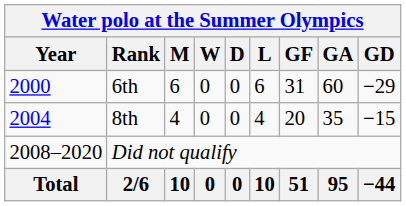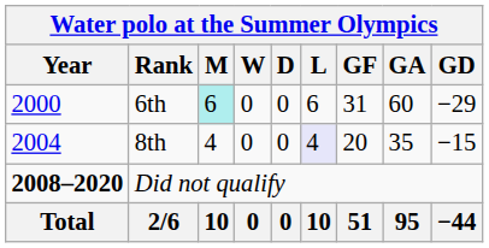 <table class="wikitable">
 <tr>
 <th colspan=10><a href='#'>Water polo at the Summer Olympics</a></th>
 </tr>
 <tr>
 <th>Year</th>
 <th>Rank</th>
 <th>M</th>
 <th>W</th>
 <th>D</th>
 <th>L</th>
 <th>GF</th>
 <th>GA</th>
 <th>GD</th>
 </tr>
 <tr>
 <td><a href='#'>2000</a></td>
 <td>6th</td>
-<td>6</td>
+<td style="background: paleturquoise;">6</td>
 <td>0</td>
 <td>0</td>
 <td>6</td>
 <td>31</td>
 <td>60</td>
 <td>−29</td>
 </tr>
 <tr>
 <td><a href='#'>2004</a></td>
 <td>8th</td>
 <td>4</td>
 <td>0</td>
 <td>0</td>
-<td>4</td>
+<td style="background: lavender;">4</td>
 <td>20</td>
 <td>35</td>
 <td>−15</td>
 </tr>
 <tr>
-<td>2008–2020</td>
+<td><strong>2008–2020</strong></td>
 <td colspan=8><em>Did not qualify</em></td>
 </tr>
 <tr>
 <th>Total</th>
 <th>2/6</th>
 <th>10</th>
 <th>0</th>
 <th>0</th>
 <th>10</th>
 <th>51</th>
 <th>95</th>
 <th>−44</th>
 </tr>
 </table>
